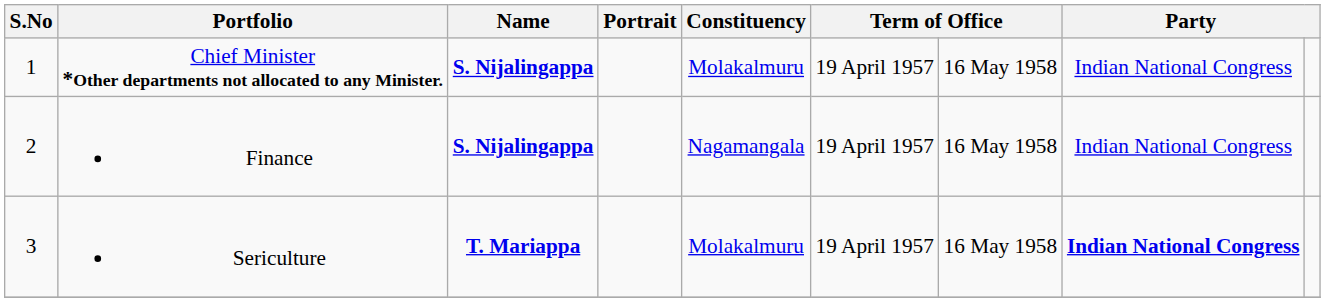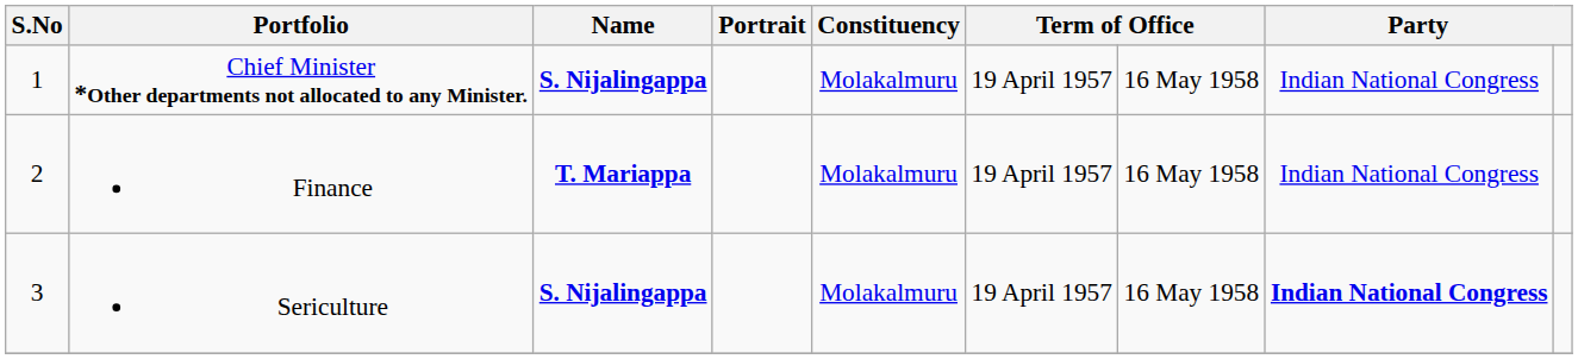 <table class="wikitable sortable" style="text-align:center;">
 <tr>
 <th>S.No</th>
 <th>Portfolio</th>
 <th>Name</th>
 <th>Portrait</th>
 <th>Constituency</th>
 <th colspan="2">Term of Office</th>
 <th colspan="2" scope="col">Party</th>
 </tr>
 <tr>
 <td>1</td>
 <td><a href='#'>Chief Minister</a><br><strong>*<small>Other departments not allocated to any Minister.</small></strong></td>
 <td><strong><a href='#'>S. Nijalingappa</a></strong><br></td>
 <td></td>
 <td><a href='#'>Molakalmuru</a></td>
 <td>19 April 1957</td>
 <td>16 May 1958</td>
 <td><a href='#'>Indian National Congress</a></td>
 <td width="4px" style="background-color: "></td>
 </tr>
 <tr style="text-align:center">
 <td>2</td>
 <td><br><ul><li>Finance</li></ul></td>
-<td><strong><a href='#'>S. Nijalingappa</a></strong><br></td>
+<td><strong><a href='#'>T. Mariappa</a></strong></td>
 <td></td>
-<td><a href='#'>Nagamangala</a></td>
+<td><a href='#'>Molakalmuru</a></td>
 <td>19 April 1957</td>
 <td>16 May 1958</td>
 <td><a href='#'>Indian National Congress</a></td>
 <td width="4px" style="background-color: "></td>
 </tr>
 <tr>
 <td>3</td>
 <td><br><ul><li>Sericulture</li></ul></td>
-<td><strong><a href='#'>T. Mariappa</a></strong></td>
+<td><strong><a href='#'>S. Nijalingappa</a></strong><br></td>
 <td></td>
 <td><a href='#'>Molakalmuru</a></td>
 <td>19 April 1957</td>
 <td>16 May 1958</td>
 <td><strong><a href='#'>Indian National Congress</a></strong></td>
 <td width="4px" style="background-color: "></td>
 </tr>
 <tr style="text-align:center">
 </tr>
 </table>
